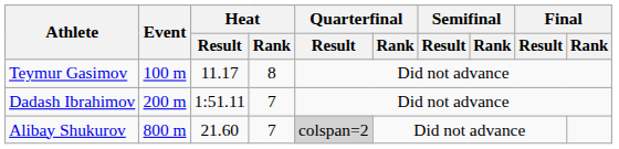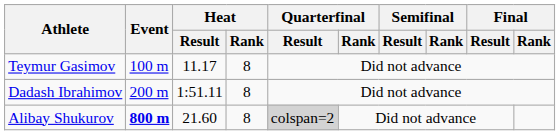 <table class="wikitable" style="font-size:90%">
 <tr>
 <th rowspan="2">Athlete</th>
 <th rowspan="2">Event</th>
 <th colspan="2">Heat</th>
 <th colspan="2">Quarterfinal</th>
 <th colspan="2">Semifinal</th>
 <th colspan="2">Final</th>
 </tr>
 <tr style="font-size:95%">
 <th>Result</th>
 <th>Rank</th>
 <th>Result</th>
 <th>Rank</th>
 <th>Result</th>
 <th>Rank</th>
 <th>Result</th>
 <th>Rank</th>
 </tr>
 <tr align=center>
 <td align=left><a href='#'>Teymur Gasimov</a></td>
 <td align=left><a href='#'>100 m</a></td>
 <td>11.17</td>
 <td>8</td>
 <td colspan=6>Did not advance</td>
 </tr>
 <tr align=center>
 <td align=left><a href='#'>Dadash Ibrahimov</a></td>
 <td align=left><a href='#'>200 m</a></td>
 <td>1:51.11</td>
-<td>7</td>
+<td>8</td>
 <td colspan=6>Did not advance</td>
 </tr>
 <tr align=center>
 <td align=left><a href='#'>Alibay Shukurov</a></td>
-<td align=left><a href='#'>800 m</a></td>
+<td align=left><strong><a href='#'>800 m</a></strong></td>
 <td>21.60</td>
-<td>7</td>
+<td>8</td>
 <td style="background: lightgrey;">colspan=2 </td>
 <td colspan=4>Did not advance</td>
 </tr>
 </table>
